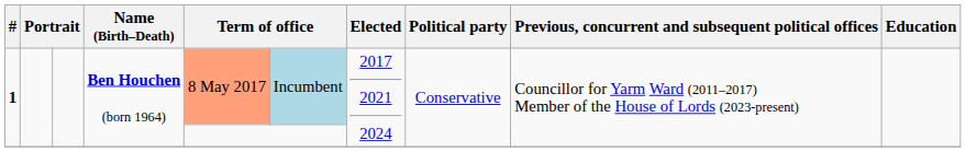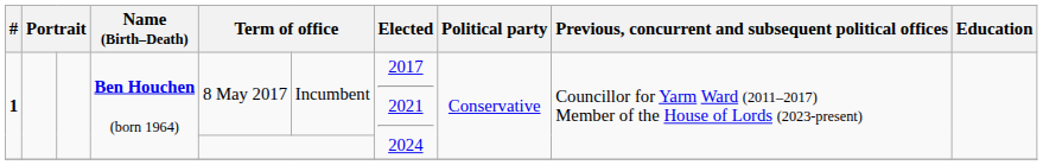 <table class="wikitable">
 <tr>
 <th>#</th>
 <th colspan="2">Portrait</th>
 <th>Name<br><small>(Birth–Death)</small></th>
 <th colspan=2>Term of office</th>
 <th>Elected</th>
 <th>Political party</th>
 <th>Previous, concurrent and subsequent political offices</th>
 <th>Education</th>
 </tr>
 <tr>
 <td rowspan="2"><strong>1</strong></td>
 <td rowspan="2" style="background-color: "></td>
 <td rowspan="2"></td>
 <td rowspan="2" style="text-align:center;"><strong><a href='#'>Ben Houchen<br></a></strong><br><small>(born 1964)</small></td>
-<td style="background: lightsalmon; text-align:center;" nowrap>8 May 2017</td>
-<td style="background: lightblue; text-align:center;" nowrap>Incumbent</td>
+<td style="text-align:center;" nowrap>8 May 2017</td>
+<td style="text-align:center;" nowrap>Incumbent</td>
 <td rowspan="2" style="text-align:center;" nowrap><a href='#'>2017</a><hr><a href='#'>2021</a><hr><a href='#'>2024</a></td>
 <td style="text-align:center;" rowspan="2"><a href='#'>Conservative</a></td>
 <td rowspan="2">Councillor for <a href='#'>Yarm</a> <a href='#'>Ward</a> <small>(2011–2017)</small><br>Member of the <a href='#'>House of Lords</a> <small>(2023-present)</small></td>
 <td rowspan="2"></td>
 </tr>
 <tr>
 <td colspan="2" style="text-align:center;"></td>
 </tr>
 <tr>
 </tr>
 </table>
